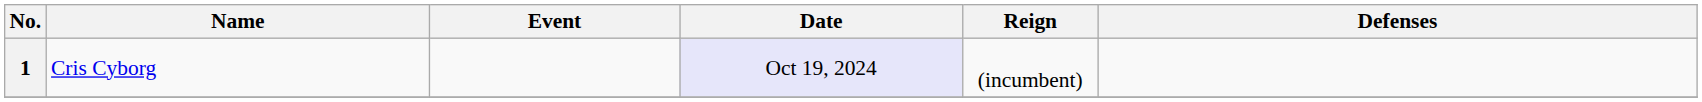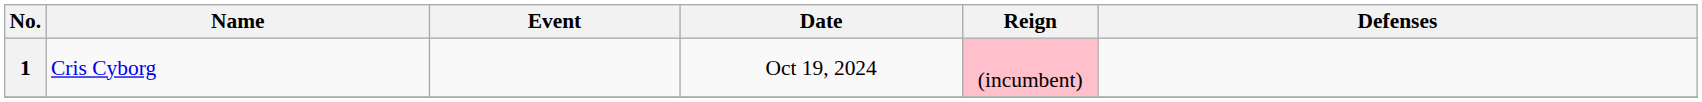 <table class="wikitable" width=100% style="text-align: center;">
 <tr>
 <th width=1%>No.</th>
 <th width=23%>Name</th>
 <th width=15%>Event</th>
 <th width=17%>Date</th>
 <th width=8%>Reign</th>
 <th width=36%>Defenses</th>
 </tr>
 <tr>
 <th>1</th>
 <td align=left> <a href='#'>Cris Cyborg</a> <br></td>
 <td><br></td>
-<td style="background: lavender;">Oct 19, 2024</td>
-<td align=center><br>(incumbent)<br></td>
+<td>Oct 19, 2024</td>
+<td align=center style="background: pink;"><br>(incumbent)<br></td>
 <td align=left></td>
 </tr>
 <tr>
 </tr>
 </table>
